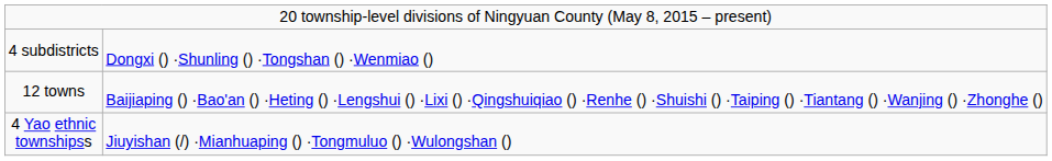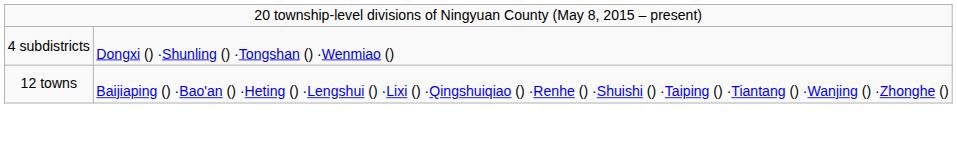 <table class="wikitable">
 <tr>
 <td style="text-align:center;" colspan="2">20 township-level divisions of Ningyuan County (May 8, 2015 – present)</td>
 </tr>
 <tr align=left>
 <td align=center>4 subdistricts</td>
 <td><br><a href='#'>Dongxi</a> () ·<a href='#'>Shunling</a> () ·<a href='#'>Tongshan</a> () ·<a href='#'>Wenmiao</a> ()</td>
 </tr>
 <tr align=left>
 <td align=center>12 towns</td>
 <td><br><a href='#'>Baijiaping</a> () ·<a href='#'>Bao'an</a> () ·<a href='#'>Heting</a> () ·<a href='#'>Lengshui</a> () ·<a href='#'>Lixi</a> () ·<a href='#'>Qingshuiqiao</a> () ·<a href='#'>Renhe</a> () ·<a href='#'>Shuishi</a> () ·<a href='#'>Taiping</a> () ·<a href='#'>Tiantang</a> () ·<a href='#'>Wanjing</a> () ·<a href='#'>Zhonghe</a> ()</td>
 </tr>
-<tr align=left>
-<td align=center>4 <a href='#'>Yao</a> <a href='#'>ethnic <br>townships</a>s</td>
-<td><br><a href='#'>Jiuyishan</a> (/) ·<a href='#'>Mianhuaping</a> () ·<a href='#'>Tongmuluo</a> () ·<a href='#'>Wulongshan</a> ()</td>
-</tr>
 </table>
